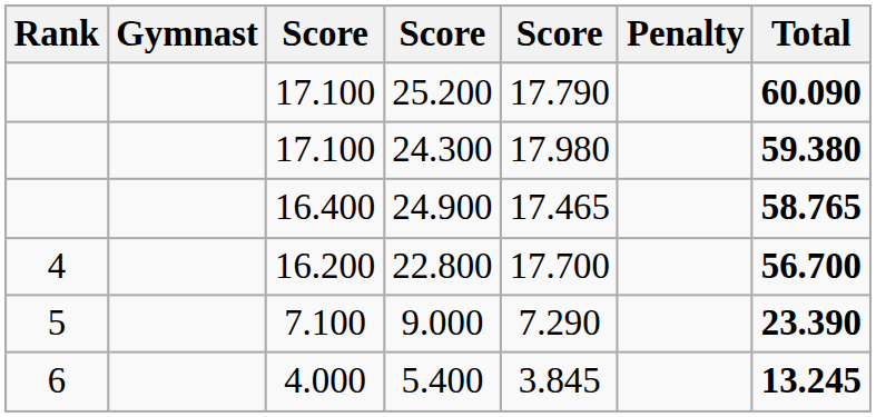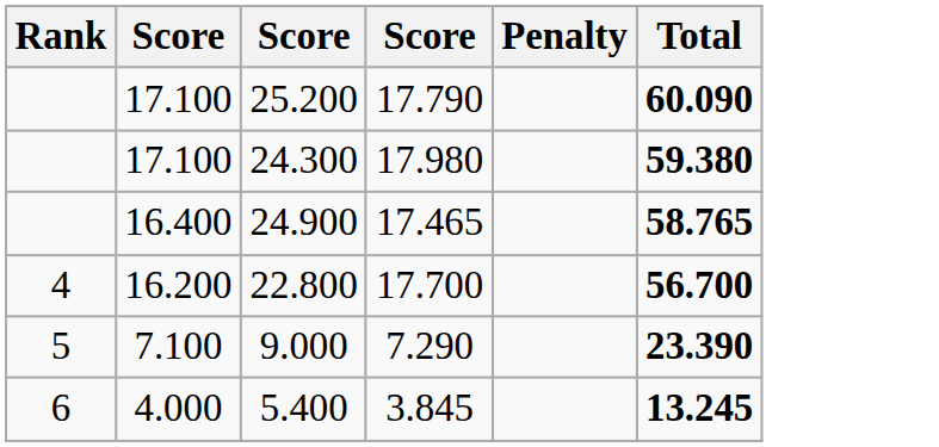 <table class="wikitable sortable" style="text-align:center">
 <tr>
 <th>Rank</th>
-<th>Gymnast</th>
 <th> Score</th>
 <th> Score</th>
 <th> Score</th>
 <th>Penalty</th>
 <th>Total</th>
 </tr>
 <tr>
 <td></td>
-<td align=left></td>
 <td>17.100</td>
 <td>25.200</td>
 <td>17.790</td>
 <td></td>
 <td><strong>60.090</strong></td>
 </tr>
 <tr>
 <td></td>
-<td align=left></td>
 <td>17.100</td>
 <td>24.300</td>
 <td>17.980</td>
 <td></td>
 <td><strong>59.380</strong></td>
 </tr>
 <tr>
 <td></td>
-<td align=left></td>
 <td>16.400</td>
 <td>24.900</td>
 <td>17.465</td>
 <td></td>
 <td><strong>58.765</strong></td>
 </tr>
 <tr>
 <td>4</td>
-<td align=left></td>
 <td>16.200</td>
 <td>22.800</td>
 <td>17.700</td>
 <td></td>
 <td><strong>56.700</strong></td>
 </tr>
 <tr>
 <td>5</td>
-<td align=left></td>
 <td>7.100</td>
 <td>9.000</td>
 <td>7.290</td>
 <td></td>
 <td><strong>23.390</strong></td>
 </tr>
 <tr>
 <td>6</td>
-<td align=left></td>
 <td>4.000</td>
 <td>5.400</td>
 <td>3.845</td>
 <td></td>
 <td><strong>13.245</strong></td>
 </tr>
 </table>
